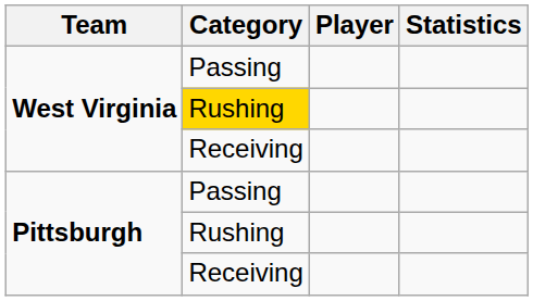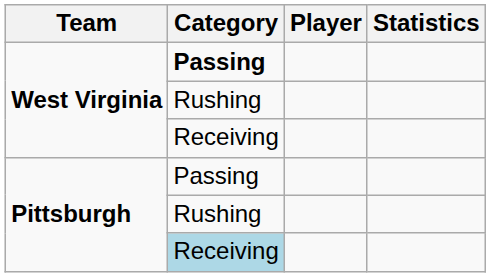 <table class="wikitable" style="float: right;">
 <tr>
 <th>Team</th>
 <th>Category</th>
 <th>Player</th>
 <th>Statistics</th>
 </tr>
 <tr>
 <td rowspan=3><strong>West Virginia</strong></td>
-<td>Passing</td>
+<td><strong>Passing</strong></td>
 <td></td>
 <td></td>
 </tr>
 <tr>
-<td style="background: gold;">Rushing</td>
+<td>Rushing</td>
 <td></td>
 <td></td>
 </tr>
 <tr>
 <td>Receiving</td>
 <td></td>
 <td></td>
 </tr>
 <tr>
 <td rowspan=3><strong>Pittsburgh</strong></td>
 <td>Passing</td>
 <td></td>
 <td></td>
 </tr>
 <tr>
 <td>Rushing</td>
 <td></td>
 <td></td>
 </tr>
 <tr>
-<td>Receiving</td>
+<td style="background: lightblue;">Receiving</td>
 <td></td>
 <td></td>
 </tr>
 </table>
